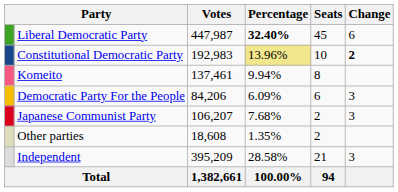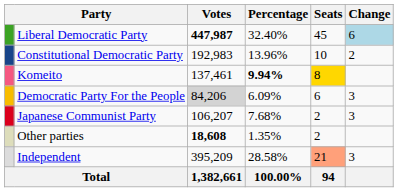 <table class="wikitable">
 <tr>
 <th colspan="2">Party</th>
 <th>Votes</th>
 <th>Percentage</th>
 <th>Seats</th>
 <th>Change</th>
 </tr>
 <tr>
 <td width="5" style="background:#3CA324;"></td>
 <td><a href='#'>Liberal Democratic Party</a></td>
-<td>447,987</td>
-<td><strong>32.40%</strong></td>
+<td><strong>447,987</strong></td>
+<td>32.40%</td>
 <td>45</td>
-<td>6</td>
+<td style="background: lightblue;">6</td>
 </tr>
 <tr>
 <td width="5" style="background:#184589;"></td>
 <td><a href='#'>Constitutional Democratic Party</a></td>
 <td>192,983</td>
-<td style="background: khaki;">13.96%</td>
+<td>13.96%</td>
 <td>10</td>
-<td><strong>2</strong></td>
+<td>2</td>
 </tr>
 <tr>
 <td width="5" style="background:#F55881;"></td>
 <td><a href='#'>Komeito</a></td>
 <td>137,461</td>
-<td>9.94%</td>
-<td>8</td>
+<td><strong>9.94%</strong></td>
+<td style="background: gold;">8</td>
 <td></td>
 </tr>
 <tr>
 <td width="5" style="background:#F8BC00;"></td>
 <td><a href='#'>Democratic Party For the People</a></td>
-<td>84,206</td>
+<td style="background: lightgrey;">84,206</td>
 <td>6.09%</td>
 <td>6</td>
 <td>3</td>
 </tr>
 <tr>
 <td width="5" style="background:#DB001C;"></td>
 <td><a href='#'>Japanese Communist Party</a></td>
 <td>106,207</td>
 <td>7.68%</td>
 <td>2</td>
 <td>3</td>
 </tr>
 <tr>
 <td width="5" style="background:#DDDDBB;"></td>
 <td>Other parties</td>
-<td>18,608</td>
+<td><strong>18,608</strong></td>
 <td>1.35%</td>
 <td>2</td>
 <td></td>
 </tr>
 <tr>
 <td width="5" style="background:#DCDCDC;"></td>
 <td><a href='#'>Independent</a></td>
 <td>395,209</td>
 <td>28.58%</td>
-<td>21</td>
+<td style="background: lightsalmon;">21</td>
 <td>3</td>
 </tr>
 <tr>
 <th colspan="2">Total</th>
 <th>1,382,661</th>
 <th>100.00%</th>
 <th>94</th>
 <th></th>
 </tr>
 </table>
